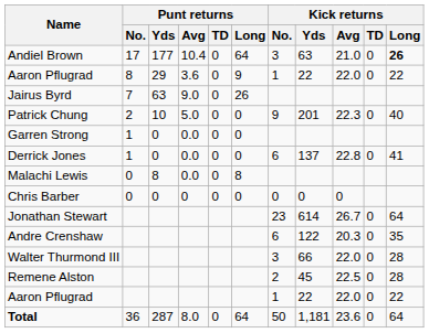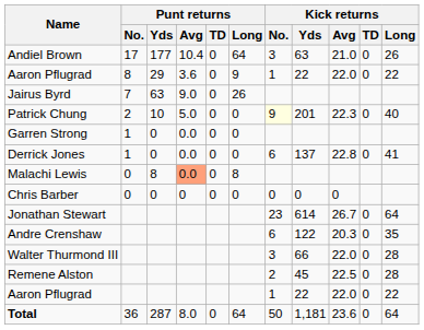 <table class="wikitable" style="white-space:nowrap;">
 <tr>
 <th rowspan="2">Name</th>
 <th colspan="5">Punt returns</th>
 <th colspan="5">Kick returns</th>
 </tr>
 <tr>
 <th>No.</th>
 <th>Yds</th>
 <th>Avg</th>
 <th>TD</th>
 <th>Long</th>
 <th>No.</th>
 <th>Yds</th>
 <th>Avg</th>
 <th>TD</th>
 <th>Long</th>
 </tr>
 <tr>
 <td>Andiel Brown</td>
 <td>17</td>
 <td>177</td>
 <td>10.4</td>
 <td>0</td>
 <td>64</td>
 <td>3</td>
 <td>63</td>
 <td>21.0</td>
 <td>0</td>
-<td><strong>26</strong></td>
+<td>26</td>
 </tr>
 <tr>
 <td>Aaron Pflugrad</td>
 <td>8</td>
 <td>29</td>
 <td>3.6</td>
 <td>0</td>
 <td>9</td>
 <td>1</td>
 <td>22</td>
 <td>22.0</td>
 <td>0</td>
 <td>22</td>
 </tr>
 <tr>
 <td>Jairus Byrd</td>
 <td>7</td>
 <td>63</td>
 <td>9.0</td>
 <td>0</td>
 <td>26</td>
 <td></td>
 <td></td>
 <td></td>
 <td></td>
 <td></td>
 </tr>
 <tr>
 <td>Patrick Chung</td>
 <td>2</td>
 <td>10</td>
 <td>5.0</td>
 <td>0</td>
 <td>0</td>
-<td>9</td>
+<td style="background: lightyellow;">9</td>
 <td>201</td>
 <td>22.3</td>
 <td>0</td>
 <td>40</td>
 </tr>
 <tr>
 <td>Garren Strong</td>
 <td>1</td>
 <td>0</td>
 <td>0.0</td>
 <td>0</td>
 <td>0</td>
 <td></td>
 <td></td>
 <td></td>
 <td></td>
 <td></td>
 </tr>
 <tr>
 <td>Derrick Jones</td>
 <td>1</td>
 <td>0</td>
 <td>0.0</td>
 <td>0</td>
 <td>0</td>
 <td>6</td>
 <td>137</td>
 <td>22.8</td>
 <td>0</td>
 <td>41</td>
 </tr>
 <tr>
 <td>Malachi Lewis</td>
 <td>0</td>
 <td>8</td>
-<td>0.0</td>
+<td style="background: lightsalmon;">0.0</td>
 <td>0</td>
 <td>8</td>
 <td></td>
 <td></td>
 <td></td>
 <td></td>
 <td></td>
 </tr>
 <tr>
 <td>Chris Barber</td>
 <td>0</td>
 <td>0</td>
 <td>0</td>
 <td>0</td>
 <td>0</td>
 <td>0</td>
 <td>0</td>
 <td>0</td>
 <td></td>
 </tr>
 <tr>
 <td>Jonathan Stewart</td>
 <td></td>
 <td></td>
 <td></td>
 <td></td>
 <td></td>
 <td>23</td>
 <td>614</td>
 <td>26.7</td>
 <td>0</td>
 <td>64</td>
 </tr>
 <tr>
 <td>Andre Crenshaw</td>
 <td></td>
 <td></td>
 <td></td>
 <td></td>
 <td></td>
 <td>6</td>
 <td>122</td>
 <td>20.3</td>
 <td>0</td>
 <td>35</td>
 </tr>
 <tr>
 <td>Walter Thurmond III</td>
 <td></td>
 <td></td>
 <td></td>
 <td></td>
 <td></td>
 <td>3</td>
 <td>66</td>
 <td>22.0</td>
 <td>0</td>
 <td>28</td>
 </tr>
 <tr>
 <td>Remene Alston</td>
 <td></td>
 <td></td>
 <td></td>
 <td></td>
 <td></td>
 <td>2</td>
 <td>45</td>
 <td>22.5</td>
 <td>0</td>
 <td>28</td>
 </tr>
 <tr>
 <td>Aaron Pflugrad</td>
 <td></td>
 <td></td>
 <td></td>
 <td></td>
 <td></td>
 <td>1</td>
 <td>22</td>
 <td>22.0</td>
 <td>0</td>
 <td>22</td>
 </tr>
 <tr>
 <td><strong>Total</strong></td>
 <td>36</td>
 <td>287</td>
 <td>8.0</td>
 <td>0</td>
 <td>64</td>
 <td>50</td>
 <td>1,181</td>
 <td>23.6</td>
 <td>0</td>
 <td>64</td>
 </tr>
 </table>
